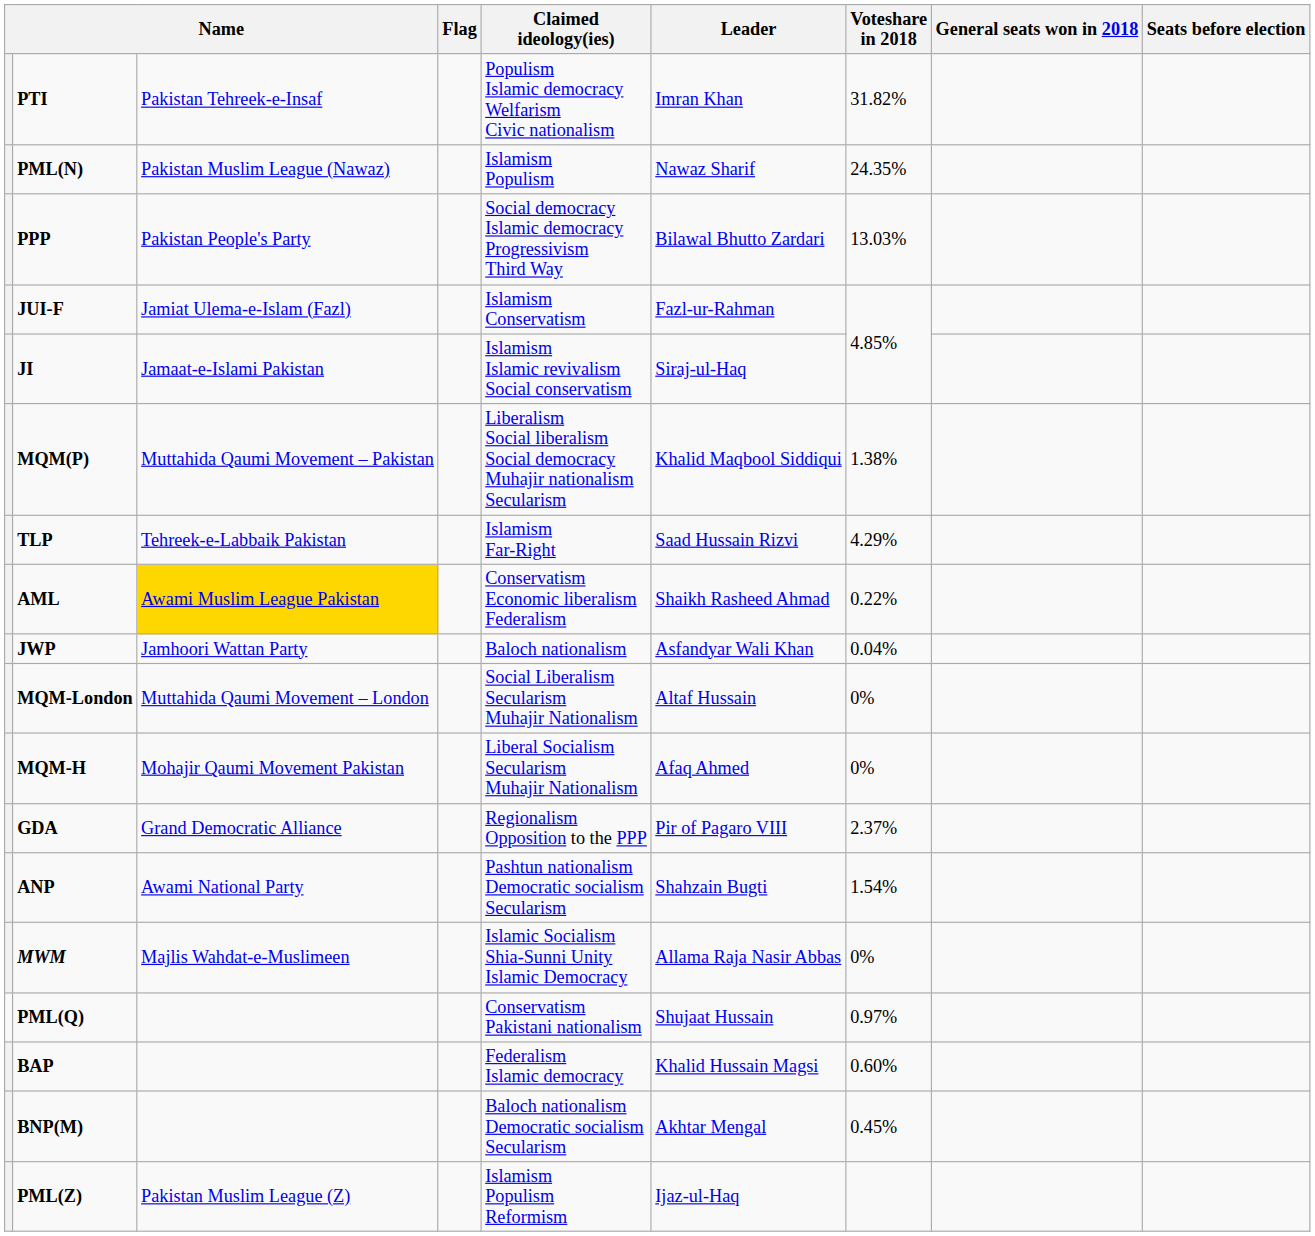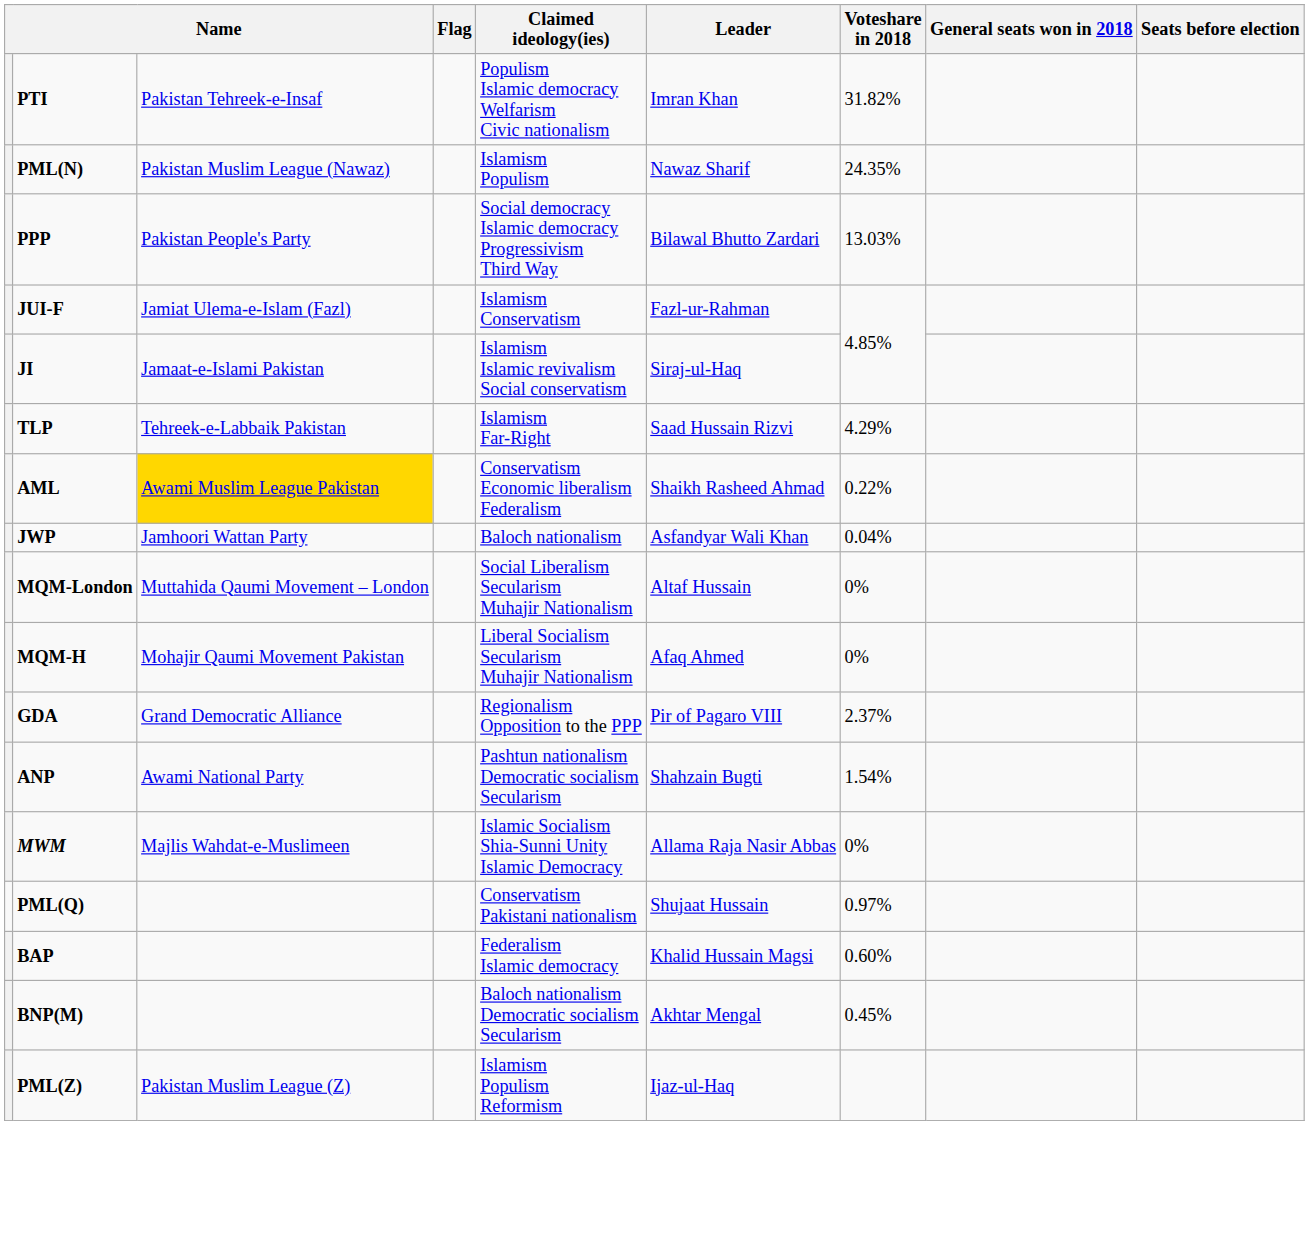 <table class="wikitable sortable">
 <tr>
 <th colspan="3" class="unsortable" scope="col" style="width:20px; text-align:center;">Name</th>
 <th>Flag</th>
 <th>Claimed<br>ideology(ies)</th>
 <th>Leader</th>
 <th>Voteshare<br>in 2018</th>
 <th>General seats won in <a href='#'>2018</a></th>
 <th>Seats before election</th>
 </tr>
 <tr>
 <th style="background:"></th>
 <td><strong>PTI</strong></td>
 <td><a href='#'>Pakistan Tehreek-e-Insaf</a><br></td>
 <td></td>
 <td><a href='#'>Populism</a><br><a href='#'>Islamic democracy</a><br><a href='#'>Welfarism</a><br><a href='#'>Civic nationalism</a></td>
 <td><a href='#'>Imran Khan</a></td>
 <td>31.82%</td>
 <td></td>
 <td></td>
 </tr>
 <tr>
 <th style="background:"></th>
 <td><strong>PML(N)</strong></td>
 <td><a href='#'>Pakistan Muslim League (Nawaz)</a><br></td>
 <td></td>
 <td><a href='#'>Islamism</a>  <br><a href='#'>Populism</a></td>
 <td><a href='#'>Nawaz Sharif</a></td>
 <td>24.35%</td>
 <td></td>
 <td></td>
 </tr>
 <tr>
 <th style="background:"></th>
 <td><strong>PPP</strong></td>
 <td><a href='#'>Pakistan People's Party</a><br></td>
 <td></td>
 <td><a href='#'>Social democracy</a><br><a href='#'>Islamic democracy</a><br><a href='#'>Progressivism</a><br><a href='#'>Third Way</a></td>
 <td><a href='#'>Bilawal Bhutto Zardari</a></td>
 <td>13.03%</td>
 <td></td>
 <td></td>
 </tr>
 <tr>
 <th style="background:"></th>
 <td><strong>JUI-F</strong></td>
 <td><a href='#'>Jamiat Ulema-e-Islam (Fazl)</a><br></td>
 <td></td>
 <td><a href='#'>Islamism</a><br><a href='#'>Conservatism</a></td>
 <td><a href='#'>Fazl-ur-Rahman</a></td>
 <td rowspan="2">4.85%</td>
 <td></td>
 <td></td>
 </tr>
 <tr>
 <th style="background:"></th>
 <td><strong>JI</strong></td>
 <td><a href='#'>Jamaat-e-Islami Pakistan</a><br></td>
 <td></td>
 <td><a href='#'>Islamism</a><br><a href='#'>Islamic revivalism</a><br><a href='#'>Social conservatism</a></td>
 <td><a href='#'>Siraj-ul-Haq</a></td>
-<td></td>
-<td></td>
-</tr>
-<tr>
-<th style="background:"></th>
-<td><strong>MQM(P)</strong></td>
-<td><a href='#'>Muttahida Qaumi Movement – Pakistan</a><br></td>
-<td></td>
-<td><a href='#'>Liberalism</a><br><a href='#'>Social liberalism</a><br><a href='#'>Social democracy</a><br><a href='#'>Muhajir nationalism</a><br><a href='#'>Secularism</a></td>
-<td><a href='#'>Khalid Maqbool Siddiqui</a></td>
-<td>1.38%</td>
 <td></td>
 <td></td>
 </tr>
 <tr>
 <th style="background:"></th>
 <td><strong>TLP</strong></td>
 <td><a href='#'>Tehreek-e-Labbaik Pakistan</a><br></td>
 <td></td>
 <td><a href='#'>Islamism</a><br><a href='#'>Far-Right</a></td>
 <td><a href='#'>Saad Hussain Rizvi</a></td>
 <td>4.29%</td>
 <td></td>
 <td></td>
 </tr>
 <tr>
 <th style="background:"></th>
 <td><strong>AML</strong></td>
 <td style="background: gold;"><a href='#'>Awami Muslim League Pakistan</a><br></td>
 <td></td>
 <td><a href='#'>Conservatism</a><br><a href='#'>Economic liberalism</a><br><a href='#'>Federalism</a></td>
 <td><a href='#'>Shaikh Rasheed Ahmad</a></td>
 <td>0.22%</td>
 <td></td>
 <td></td>
 </tr>
 <tr>
 <th style="background:"></th>
 <td><strong>JWP</strong></td>
 <td><a href='#'>Jamhoori Wattan Party</a><br></td>
 <td></td>
 <td><a href='#'>Baloch nationalism</a></td>
 <td><a href='#'>Asfandyar Wali Khan</a></td>
 <td>0.04%</td>
 <td></td>
 <td></td>
 </tr>
 <tr>
 <th style="background:"></th>
 <td><strong>MQM-London</strong></td>
 <td><a href='#'>Muttahida Qaumi Movement – London</a><br></td>
 <td></td>
 <td><a href='#'>Social Liberalism</a><br><a href='#'>Secularism</a><br><a href='#'>Muhajir Nationalism</a></td>
 <td><a href='#'>Altaf Hussain</a></td>
 <td>0%</td>
 <td></td>
 <td></td>
 </tr>
 <tr>
 <th style="background:"></th>
 <td><strong>MQM-H</strong></td>
 <td><a href='#'>Mohajir Qaumi Movement Pakistan</a><br></td>
 <td></td>
 <td><a href='#'>Liberal Socialism</a><br><a href='#'>Secularism</a><br><a href='#'>Muhajir Nationalism</a></td>
 <td><a href='#'>Afaq Ahmed</a></td>
 <td>0%</td>
 <td></td>
 <td></td>
 </tr>
 <tr>
 <th style="background:"></th>
 <td><strong>GDA</strong></td>
 <td><a href='#'>Grand Democratic Alliance</a><br></td>
 <td></td>
 <td><a href='#'>Regionalism</a><br><a href='#'>Opposition</a> to the <a href='#'>PPP</a></td>
 <td><a href='#'>Pir of Pagaro VIII</a></td>
 <td>2.37%</td>
 <td></td>
 <td></td>
 </tr>
 <tr>
 <th style="background:"></th>
 <td><strong>ANP</strong></td>
 <td><a href='#'>Awami National Party</a><br></td>
 <td></td>
 <td><a href='#'>Pashtun nationalism</a><br><a href='#'>Democratic socialism</a><br><a href='#'>Secularism</a></td>
 <td><a href='#'>Shahzain Bugti</a></td>
 <td>1.54%</td>
 <td></td>
 <td></td>
 </tr>
 <tr>
 <th style="background:"></th>
 <td><strong><em>MWM</em></strong></td>
 <td><a href='#'>Majlis Wahdat-e-Muslimeen</a><br></td>
 <td></td>
 <td><a href='#'>Islamic Socialism</a><br><a href='#'>Shia-Sunni Unity</a><br><a href='#'>Islamic Democracy</a></td>
 <td><a href='#'>Allama Raja Nasir Abbas</a></td>
 <td>0%</td>
 <td></td>
 <td></td>
 </tr>
 <tr>
 <td style="background:"></td>
 <td><strong>PML(Q)</strong></td>
 <td><br></td>
 <td></td>
 <td><a href='#'>Conservatism</a><br><a href='#'>Pakistani nationalism</a></td>
 <td><a href='#'>Shujaat Hussain</a></td>
 <td>0.97%</td>
 <td></td>
 <td></td>
 </tr>
 <tr>
 <th style="background:"></th>
 <td><strong>BAP</strong></td>
 <td></td>
 <td></td>
 <td><a href='#'>Federalism</a><br><a href='#'>Islamic democracy</a></td>
 <td><a href='#'>Khalid Hussain Magsi</a></td>
 <td>0.60%</td>
 <td></td>
 <td></td>
 </tr>
 <tr>
 <th style="background:"></th>
 <td><strong>BNP(M)</strong></td>
 <td></td>
 <td></td>
 <td><a href='#'>Baloch nationalism</a><br><a href='#'>Democratic socialism</a><br><a href='#'>Secularism</a></td>
 <td><a href='#'>Akhtar Mengal</a></td>
 <td>0.45%</td>
 <td></td>
 <td></td>
 </tr>
 <tr>
 <th style="background:"></th>
 <td><strong>PML(Z)</strong></td>
 <td><a href='#'>Pakistan Muslim League (Z)</a><br></td>
 <td></td>
 <td><a href='#'>Islamism</a><br><a href='#'>Populism</a><br><a href='#'>Reformism</a></td>
 <td><a href='#'>Ijaz-ul-Haq</a></td>
 <td></td>
 <td></td>
 <td></td>
 </tr>
 </table>
